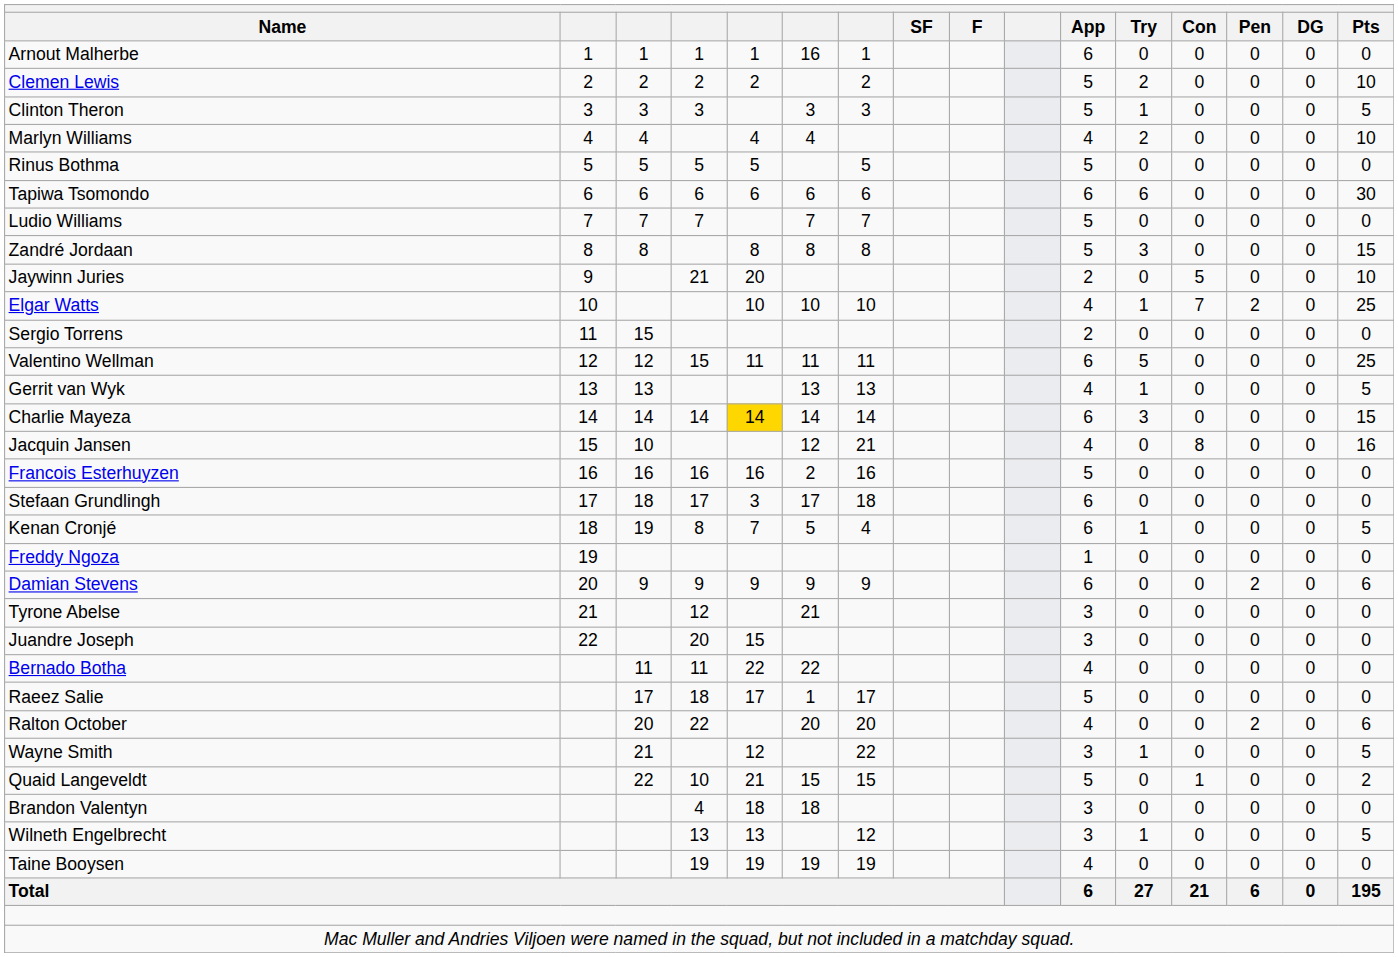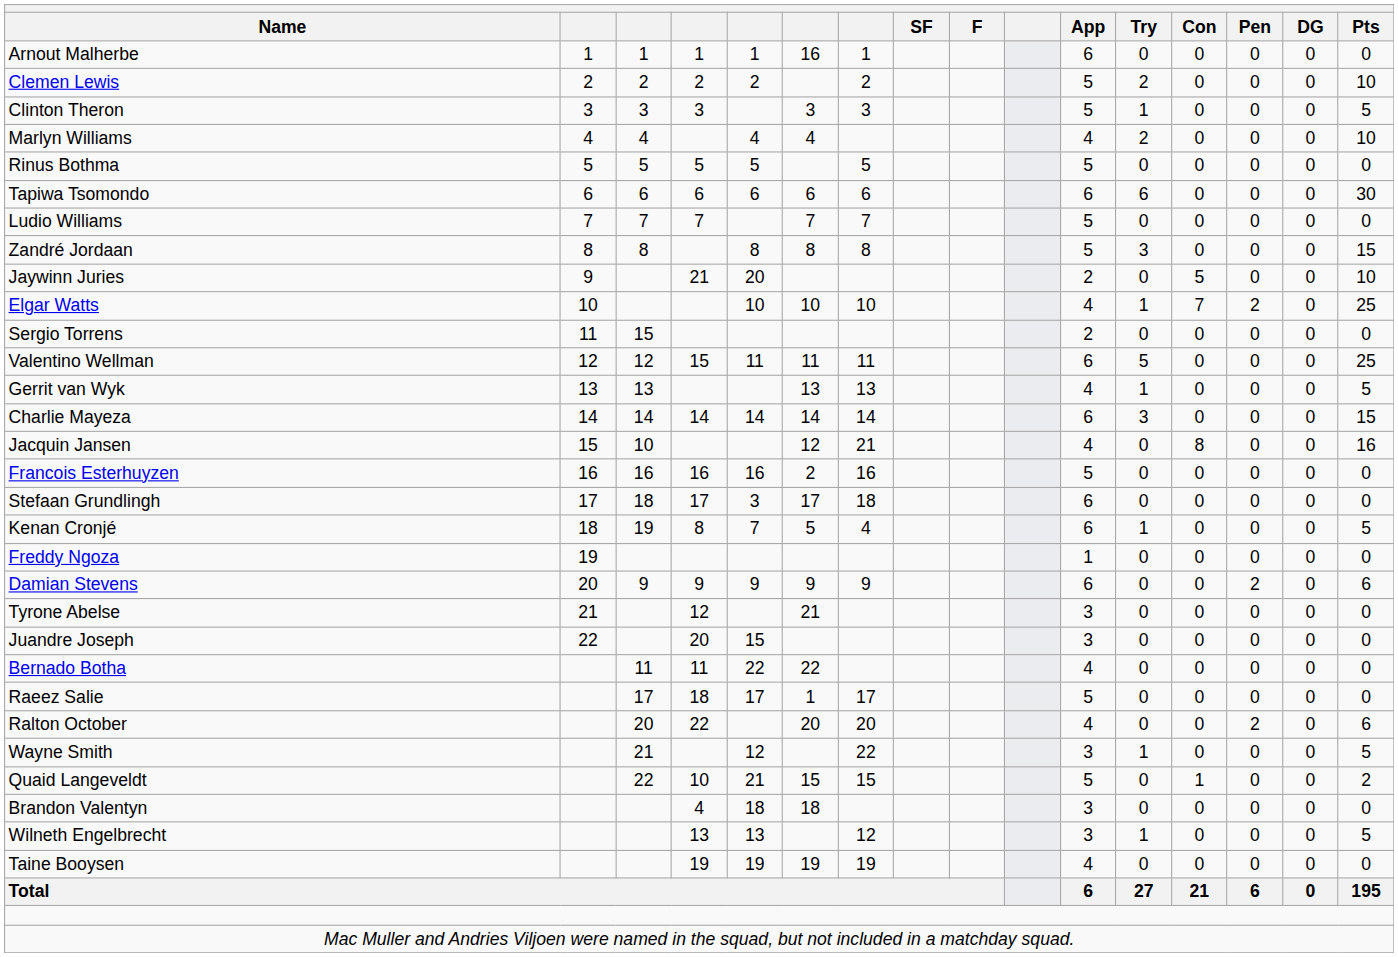 <table class="wikitable collapsible collapsed" style="text-align:center; font-size:100%; width:100%">
 <tr>
 <th colspan="100%"></th>
 </tr>
 <tr>
 <th style="width:40%;">Name</th>
 <th style="width:4%;"></th>
 <th style="width:4%;"></th>
 <th style="width:4%;"></th>
 <th style="width:4%;"></th>
 <th style="width:4%;"></th>
 <th style="width:4%;"></th>
 <th style="width:4%;">SF</th>
 <th style="width:4%;">F</th>
 <th style="width:4%;"></th>
 <th style="width:4%;">App</th>
 <th style="width:4%;">Try</th>
 <th style="width:4%;">Con</th>
 <th style="width:4%;">Pen</th>
 <th style="width:4%;">DG</th>
 <th style="width:4%;">Pts</th>
 </tr>
 <tr>
 <td style="text-align:left;">Arnout Malherbe</td>
 <td>1</td>
 <td>1</td>
 <td>1</td>
 <td>1</td>
 <td>16 </td>
 <td>1</td>
 <td></td>
 <td></td>
 <td style="background:#EBECF0;"></td>
 <td>6</td>
 <td>0</td>
 <td>0</td>
 <td>0</td>
 <td>0</td>
 <td>0</td>
 </tr>
 <tr>
 <td style="text-align:left;"><a href='#'>Clemen Lewis</a></td>
 <td>2</td>
 <td>2</td>
 <td>2</td>
 <td>2</td>
 <td></td>
 <td>2</td>
 <td></td>
 <td></td>
 <td style="background:#EBECF0;"></td>
 <td>5</td>
 <td>2</td>
 <td>0</td>
 <td>0</td>
 <td>0</td>
 <td>10</td>
 </tr>
 <tr>
 <td style="text-align:left;">Clinton Theron</td>
 <td>3</td>
 <td>3</td>
 <td>3</td>
 <td></td>
 <td>3</td>
 <td>3</td>
 <td></td>
 <td></td>
 <td style="background:#EBECF0;"></td>
 <td>5</td>
 <td>1</td>
 <td>0</td>
 <td>0</td>
 <td>0</td>
 <td>5</td>
 </tr>
 <tr>
 <td style="text-align:left;">Marlyn Williams</td>
 <td>4</td>
 <td>4</td>
 <td></td>
 <td>4</td>
 <td>4</td>
 <td></td>
 <td></td>
 <td></td>
 <td style="background:#EBECF0;"></td>
 <td>4</td>
 <td>2</td>
 <td>0</td>
 <td>0</td>
 <td>0</td>
 <td>10</td>
 </tr>
 <tr>
 <td style="text-align:left;">Rinus Bothma</td>
 <td>5</td>
 <td>5</td>
 <td>5</td>
 <td>5</td>
 <td></td>
 <td>5</td>
 <td></td>
 <td></td>
 <td style="background:#EBECF0;"></td>
 <td>5</td>
 <td>0</td>
 <td>0</td>
 <td>0</td>
 <td>0</td>
 <td>0</td>
 </tr>
 <tr>
 <td style="text-align:left;">Tapiwa Tsomondo</td>
 <td>6</td>
 <td>6</td>
 <td>6</td>
 <td>6</td>
 <td>6</td>
 <td>6</td>
 <td></td>
 <td></td>
 <td style="background:#EBECF0;"></td>
 <td>6</td>
 <td>6</td>
 <td>0</td>
 <td>0</td>
 <td>0</td>
 <td>30</td>
 </tr>
 <tr>
 <td style="text-align:left;">Ludio Williams</td>
 <td>7</td>
 <td>7</td>
 <td>7</td>
 <td></td>
 <td>7</td>
 <td>7</td>
 <td></td>
 <td></td>
 <td style="background:#EBECF0;"></td>
 <td>5</td>
 <td>0</td>
 <td>0</td>
 <td>0</td>
 <td>0</td>
 <td>0</td>
 </tr>
 <tr>
 <td style="text-align:left;">Zandré Jordaan</td>
 <td>8</td>
 <td>8</td>
 <td></td>
 <td>8</td>
 <td>8</td>
 <td>8</td>
 <td></td>
 <td></td>
 <td style="background:#EBECF0;"></td>
 <td>5</td>
 <td>3</td>
 <td>0</td>
 <td>0</td>
 <td>0</td>
 <td>15</td>
 </tr>
 <tr>
 <td style="text-align:left;">Jaywinn Juries</td>
 <td>9</td>
 <td></td>
 <td>21 </td>
 <td>20</td>
 <td></td>
 <td></td>
 <td></td>
 <td></td>
 <td style="background:#EBECF0;"></td>
 <td>2</td>
 <td>0</td>
 <td>5</td>
 <td>0</td>
 <td>0</td>
 <td>10</td>
 </tr>
 <tr>
 <td style="text-align:left;"><a href='#'>Elgar Watts</a></td>
 <td>10</td>
 <td></td>
 <td></td>
 <td>10</td>
 <td>10</td>
 <td>10</td>
 <td></td>
 <td></td>
 <td style="background:#EBECF0;"></td>
 <td>4</td>
 <td>1</td>
 <td>7</td>
 <td>2</td>
 <td>0</td>
 <td>25</td>
 </tr>
 <tr>
 <td style="text-align:left;">Sergio Torrens</td>
 <td>11</td>
 <td>15</td>
 <td></td>
 <td></td>
 <td></td>
 <td></td>
 <td></td>
 <td></td>
 <td style="background:#EBECF0;"></td>
 <td>2</td>
 <td>0</td>
 <td>0</td>
 <td>0</td>
 <td>0</td>
 <td>0</td>
 </tr>
 <tr>
 <td style="text-align:left;">Valentino Wellman</td>
 <td>12</td>
 <td>12</td>
 <td>15</td>
 <td>11</td>
 <td>11</td>
 <td>11</td>
 <td></td>
 <td></td>
 <td style="background:#EBECF0;"></td>
 <td>6</td>
 <td>5</td>
 <td>0</td>
 <td>0</td>
 <td>0</td>
 <td>25</td>
 </tr>
 <tr>
 <td style="text-align:left;">Gerrit van Wyk</td>
 <td>13</td>
 <td>13</td>
 <td></td>
 <td></td>
 <td>13</td>
 <td>13</td>
 <td></td>
 <td></td>
 <td style="background:#EBECF0;"></td>
 <td>4</td>
 <td>1</td>
 <td>0</td>
 <td>0</td>
 <td>0</td>
 <td>5</td>
 </tr>
 <tr>
 <td style="text-align:left;">Charlie Mayeza</td>
 <td>14</td>
 <td>14</td>
 <td>14</td>
-<td style="background: gold;">14</td>
+<td>14</td>
 <td>14</td>
 <td>14</td>
 <td></td>
 <td></td>
 <td style="background:#EBECF0;"></td>
 <td>6</td>
 <td>3</td>
 <td>0</td>
 <td>0</td>
 <td>0</td>
 <td>15</td>
 </tr>
 <tr>
 <td style="text-align:left;">Jacquin Jansen</td>
 <td>15</td>
 <td>10</td>
 <td></td>
 <td></td>
 <td>12</td>
 <td>21 </td>
 <td></td>
 <td></td>
 <td style="background:#EBECF0;"></td>
 <td>4</td>
 <td>0</td>
 <td>8</td>
 <td>0</td>
 <td>0</td>
 <td>16</td>
 </tr>
 <tr>
 <td style="text-align:left;"><a href='#'>Francois Esterhuyzen</a></td>
 <td>16 </td>
 <td>16 </td>
 <td>16</td>
 <td>16 </td>
 <td>2</td>
 <td>16 </td>
 <td></td>
 <td></td>
 <td style="background:#EBECF0;"></td>
 <td>5</td>
 <td>0</td>
 <td>0</td>
 <td>0</td>
 <td>0</td>
 <td>0</td>
 </tr>
 <tr>
 <td style="text-align:left;">Stefaan Grundlingh</td>
 <td>17 </td>
 <td>18 </td>
 <td>17 </td>
 <td>3</td>
 <td>17 </td>
 <td>18 </td>
 <td></td>
 <td></td>
 <td style="background:#EBECF0;"></td>
 <td>6</td>
 <td>0</td>
 <td>0</td>
 <td>0</td>
 <td>0</td>
 <td>0</td>
 </tr>
 <tr>
 <td style="text-align:left;">Kenan Cronjé</td>
 <td>18 </td>
 <td>19 </td>
 <td>8</td>
 <td>7</td>
 <td>5</td>
 <td>4</td>
 <td></td>
 <td></td>
 <td style="background:#EBECF0;"></td>
 <td>6</td>
 <td>1</td>
 <td>0</td>
 <td>0</td>
 <td>0</td>
 <td>5</td>
 </tr>
 <tr>
 <td style="text-align:left;"><a href='#'>Freddy Ngoza</a></td>
 <td>19 </td>
 <td></td>
 <td></td>
 <td></td>
 <td></td>
 <td></td>
 <td></td>
 <td></td>
 <td style="background:#EBECF0;"></td>
 <td>1</td>
 <td>0</td>
 <td>0</td>
 <td>0</td>
 <td>0</td>
 <td>0</td>
 </tr>
 <tr>
 <td style="text-align:left;"><a href='#'>Damian Stevens</a></td>
 <td>20 </td>
 <td>9</td>
 <td>9</td>
 <td>9</td>
 <td>9</td>
 <td>9</td>
 <td></td>
 <td></td>
 <td style="background:#EBECF0;"></td>
 <td>6</td>
 <td>0</td>
 <td>0</td>
 <td>2</td>
 <td>0</td>
 <td>6</td>
 </tr>
 <tr>
 <td style="text-align:left;">Tyrone Abelse</td>
 <td>21 </td>
 <td></td>
 <td>12</td>
 <td></td>
 <td>21 </td>
 <td></td>
 <td></td>
 <td></td>
 <td style="background:#EBECF0;"></td>
 <td>3</td>
 <td>0</td>
 <td>0</td>
 <td>0</td>
 <td>0</td>
 <td>0</td>
 </tr>
 <tr>
 <td style="text-align:left;">Juandre Joseph</td>
 <td>22 </td>
 <td></td>
 <td>20 </td>
 <td>15</td>
 <td></td>
 <td></td>
 <td></td>
 <td></td>
 <td style="background:#EBECF0;"></td>
 <td>3</td>
 <td>0</td>
 <td>0</td>
 <td>0</td>
 <td>0</td>
 <td>0</td>
 </tr>
 <tr>
 <td style="text-align:left;"><a href='#'>Bernado Botha</a></td>
 <td></td>
 <td>11</td>
 <td>11</td>
 <td>22 </td>
 <td>22 </td>
 <td></td>
 <td></td>
 <td></td>
 <td style="background:#EBECF0;"></td>
 <td>4</td>
 <td>0</td>
 <td>0</td>
 <td>0</td>
 <td>0</td>
 <td>0</td>
 </tr>
 <tr>
 <td style="text-align:left;">Raeez Salie</td>
 <td></td>
 <td>17 </td>
 <td>18 </td>
 <td>17 </td>
 <td>1</td>
 <td>17 </td>
 <td></td>
 <td></td>
 <td style="background:#EBECF0;"></td>
 <td>5</td>
 <td>0</td>
 <td>0</td>
 <td>0</td>
 <td>0</td>
 <td>0</td>
 </tr>
 <tr>
 <td style="text-align:left;">Ralton October</td>
 <td></td>
 <td>20 </td>
 <td>22 </td>
 <td></td>
 <td>20 </td>
 <td>20 </td>
 <td></td>
 <td></td>
 <td style="background:#EBECF0;"></td>
 <td>4</td>
 <td>0</td>
 <td>0</td>
 <td>2</td>
 <td>0</td>
 <td>6</td>
 </tr>
 <tr>
 <td style="text-align:left;">Wayne Smith</td>
 <td></td>
 <td>21 </td>
 <td></td>
 <td>12</td>
 <td></td>
 <td>22 </td>
 <td></td>
 <td></td>
 <td style="background:#EBECF0;"></td>
 <td>3</td>
 <td>1</td>
 <td>0</td>
 <td>0</td>
 <td>0</td>
 <td>5</td>
 </tr>
 <tr>
 <td style="text-align:left;">Quaid Langeveldt</td>
 <td></td>
 <td>22 </td>
 <td>10</td>
 <td>21 </td>
 <td>15</td>
 <td>15</td>
 <td></td>
 <td></td>
 <td style="background:#EBECF0;"></td>
 <td>5</td>
 <td>0</td>
 <td>1</td>
 <td>0</td>
 <td>0</td>
 <td>2</td>
 </tr>
 <tr>
 <td style="text-align:left;">Brandon Valentyn</td>
 <td></td>
 <td></td>
 <td>4</td>
 <td>18 </td>
 <td>18 </td>
 <td></td>
 <td></td>
 <td></td>
 <td style="background:#EBECF0;"></td>
 <td>3</td>
 <td>0</td>
 <td>0</td>
 <td>0</td>
 <td>0</td>
 <td>0</td>
 </tr>
 <tr>
 <td style="text-align:left;">Wilneth Engelbrecht</td>
 <td></td>
 <td></td>
 <td>13</td>
 <td>13</td>
 <td></td>
 <td>12</td>
 <td></td>
 <td></td>
 <td style="background:#EBECF0;"></td>
 <td>3</td>
 <td>1</td>
 <td>0</td>
 <td>0</td>
 <td>0</td>
 <td>5</td>
 </tr>
 <tr>
 <td style="text-align:left;">Taine Booysen</td>
 <td></td>
 <td></td>
 <td>19 </td>
 <td>19 </td>
 <td>19 </td>
 <td>19 </td>
 <td></td>
 <td></td>
 <td style="background:#EBECF0;"></td>
 <td>4</td>
 <td>0</td>
 <td>0</td>
 <td>0</td>
 <td>0</td>
 <td>0</td>
 </tr>
 <tr>
 <th colspan="9" style="text-align:left;">Total</th>
 <th style="background:#EBECF0;"></th>
 <th>6</th>
 <th>27</th>
 <th>21</th>
 <th>6</th>
 <th>0</th>
 <th>195</th>
 </tr>
 <tr class="sortbottom">
 <td colspan="100%" style="height: 10px;"></td>
 </tr>
 <tr class="sortbottom">
 <td colspan="100%" style="text-align:center;"><em>Mac Muller and Andries Viljoen were named in the squad, but not included in a matchday squad.</em></td>
 </tr>
 </table>
